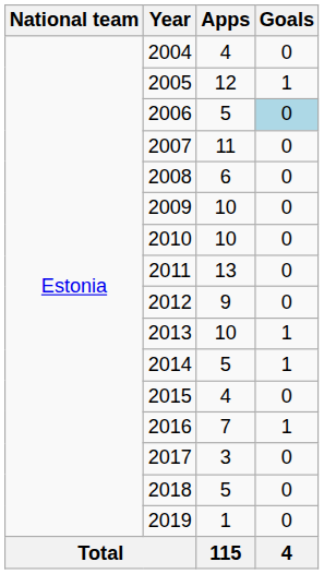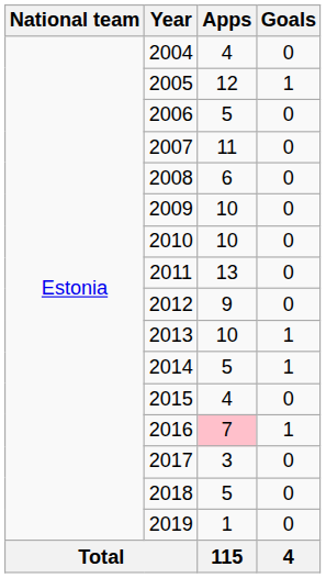 <table class="wikitable" style="text-align:center">
 <tr>
 <th>National team</th>
 <th>Year</th>
 <th>Apps</th>
 <th>Goals</th>
 </tr>
 <tr>
 <td rowspan="16"><a href='#'>Estonia</a></td>
 <td>2004</td>
 <td>4</td>
 <td>0</td>
 </tr>
 <tr>
 <td>2005</td>
 <td>12</td>
 <td>1</td>
 </tr>
 <tr>
 <td>2006</td>
 <td>5</td>
-<td style="background: lightblue;">0</td>
+<td>0</td>
 </tr>
 <tr>
 <td>2007</td>
 <td>11</td>
 <td>0</td>
 </tr>
 <tr>
 <td>2008</td>
 <td>6</td>
 <td>0</td>
 </tr>
 <tr>
 <td>2009</td>
 <td>10</td>
 <td>0</td>
 </tr>
 <tr>
 <td>2010</td>
 <td>10</td>
 <td>0</td>
 </tr>
 <tr>
 <td>2011</td>
 <td>13</td>
 <td>0</td>
 </tr>
 <tr>
 <td>2012</td>
 <td>9</td>
 <td>0</td>
 </tr>
 <tr>
 <td>2013</td>
 <td>10</td>
 <td>1</td>
 </tr>
 <tr>
 <td>2014</td>
 <td>5</td>
 <td>1</td>
 </tr>
 <tr>
 <td>2015</td>
 <td>4</td>
 <td>0</td>
 </tr>
 <tr>
 <td>2016</td>
-<td>7</td>
+<td style="background: pink;">7</td>
 <td>1</td>
 </tr>
 <tr>
 <td>2017</td>
 <td>3</td>
 <td>0</td>
 </tr>
 <tr>
 <td>2018</td>
 <td>5</td>
 <td>0</td>
 </tr>
 <tr>
 <td>2019</td>
 <td>1</td>
 <td>0</td>
 </tr>
 <tr>
 <th colspan="2">Total</th>
 <th>115</th>
 <th>4</th>
 </tr>
 </table>
